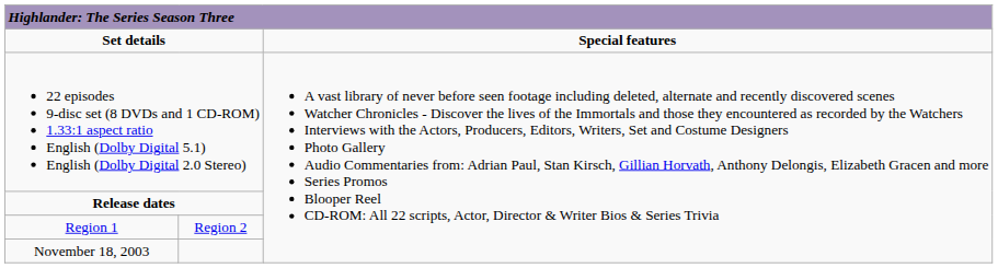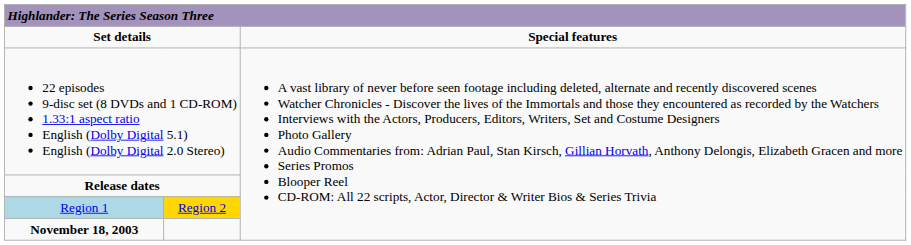 <table class="wikitable" style="font-size:95%;">
 <tr>
 <td colspan="3" style="background:#a392bc; color:black;"><strong><em>Highlander: The Series Season Three</em></strong></td>
 </tr>
 <tr valign="top">
 <td style="text-align:center;" colspan="2"><strong>Set details</strong></td>
 <td style="text-align:center;"><strong>Special features</strong></td>
 </tr>
 <tr valign="top">
 <td colspan="2" style="text-align:left;"><br><ul><li>22 episodes</li><li>9-disc set (8 DVDs and 1 CD-ROM)</li><li><a href='#'>1.33:1 aspect ratio</a></li><li>English (<a href='#'>Dolby Digital</a> 5.1)</li><li>English (<a href='#'>Dolby Digital</a> 2.0 Stereo)</li></ul></td>
 <td rowspan="4" style="text-align:left;"><br><ul><li>A vast library of never before seen footage including deleted, alternate and recently discovered scenes</li><li>Watcher Chronicles - Discover the lives of the Immortals and those they encountered as recorded by the Watchers</li><li>Interviews with the Actors, Producers, Editors, Writers, Set and Costume Designers</li><li>Photo Gallery</li><li>Audio Commentaries from: Adrian Paul, Stan Kirsch, <a href='#'>Gillian Horvath</a>, Anthony Delongis, Elizabeth Gracen and more</li><li>Series Promos</li><li>Blooper Reel</li><li>CD-ROM: All 22 scripts, Actor, Director & Writer Bios & Series Trivia</li></ul></td>
 </tr>
 <tr>
 <td colspan="2" style="text-align:center;"><strong>Release dates</strong></td>
 </tr>
 <tr>
-<td style="text-align:center;"><a href='#'>Region 1</a></td>
-<td style="text-align:center;"><a href='#'>Region 2</a></td>
+<td style="background: lightblue; text-align:center;"><a href='#'>Region 1</a></td>
+<td style="background: gold; text-align:center;"><a href='#'>Region 2</a></td>
 </tr>
 <tr>
-<td style="text-align:center;">November 18, 2003</td>
+<td style="text-align:center;"><strong>November 18, 2003</strong></td>
 <td style="text-align:center;"></td>
 </tr>
 </table>
